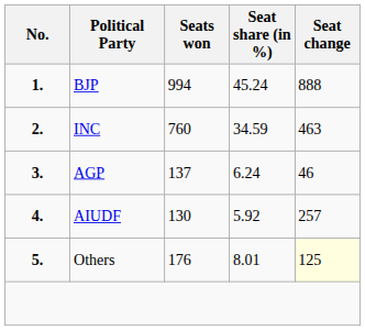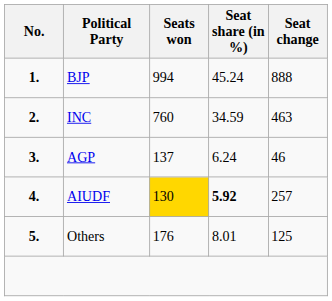 <table class="wikitable">
 <tr style="height: 50px;">
 <th scope="col" style="width:60px;">No.<br></th>
 <th scope="col" style="width:90px;">Political Party</th>
 <th scope="col" style="width:60px;">Seats won</th>
 <th scope="col" style="width:60px;">Seat share (in %)</th>
 <th scope="col" style="width:60px;">Seat change</th>
 </tr>
 <tr style="height: 45px;">
 <td ! style="text-align:center; background:"><strong>1.</strong></td>
 <td><a href='#'>BJP</a></td>
 <td>994</td>
 <td>45.24</td>
 <td>888</td>
 </tr>
 <tr style="height: 45px;">
 <td ! style="text-align:center; background:"><strong>2.</strong></td>
 <td><a href='#'>INC</a></td>
 <td>760</td>
 <td>34.59</td>
 <td>463</td>
 </tr>
 <tr style="height: 45px;">
 <td ! style="text-align:center; background:"><strong>3.</strong></td>
 <td><a href='#'>AGP</a></td>
 <td>137</td>
 <td>6.24</td>
 <td>46</td>
 </tr>
 <tr style="height: 45px;">
 <td ! style="text-align:center; background:"><strong>4.</strong></td>
 <td><a href='#'>AIUDF</a></td>
-<td>130</td>
-<td>5.92</td>
+<td style="background: gold;">130</td>
+<td><strong>5.92</strong></td>
 <td>257</td>
 </tr>
 <tr style="height: 45px;">
 <td ! style="text-align:center; background:"><strong>5.</strong></td>
 <td>Others</td>
 <td>176</td>
 <td>8.01</td>
-<td style="background: lightyellow;">125</td>
+<td>125</td>
 </tr>
 <tr style="height: 45px;">
 </tr>
 </table>
